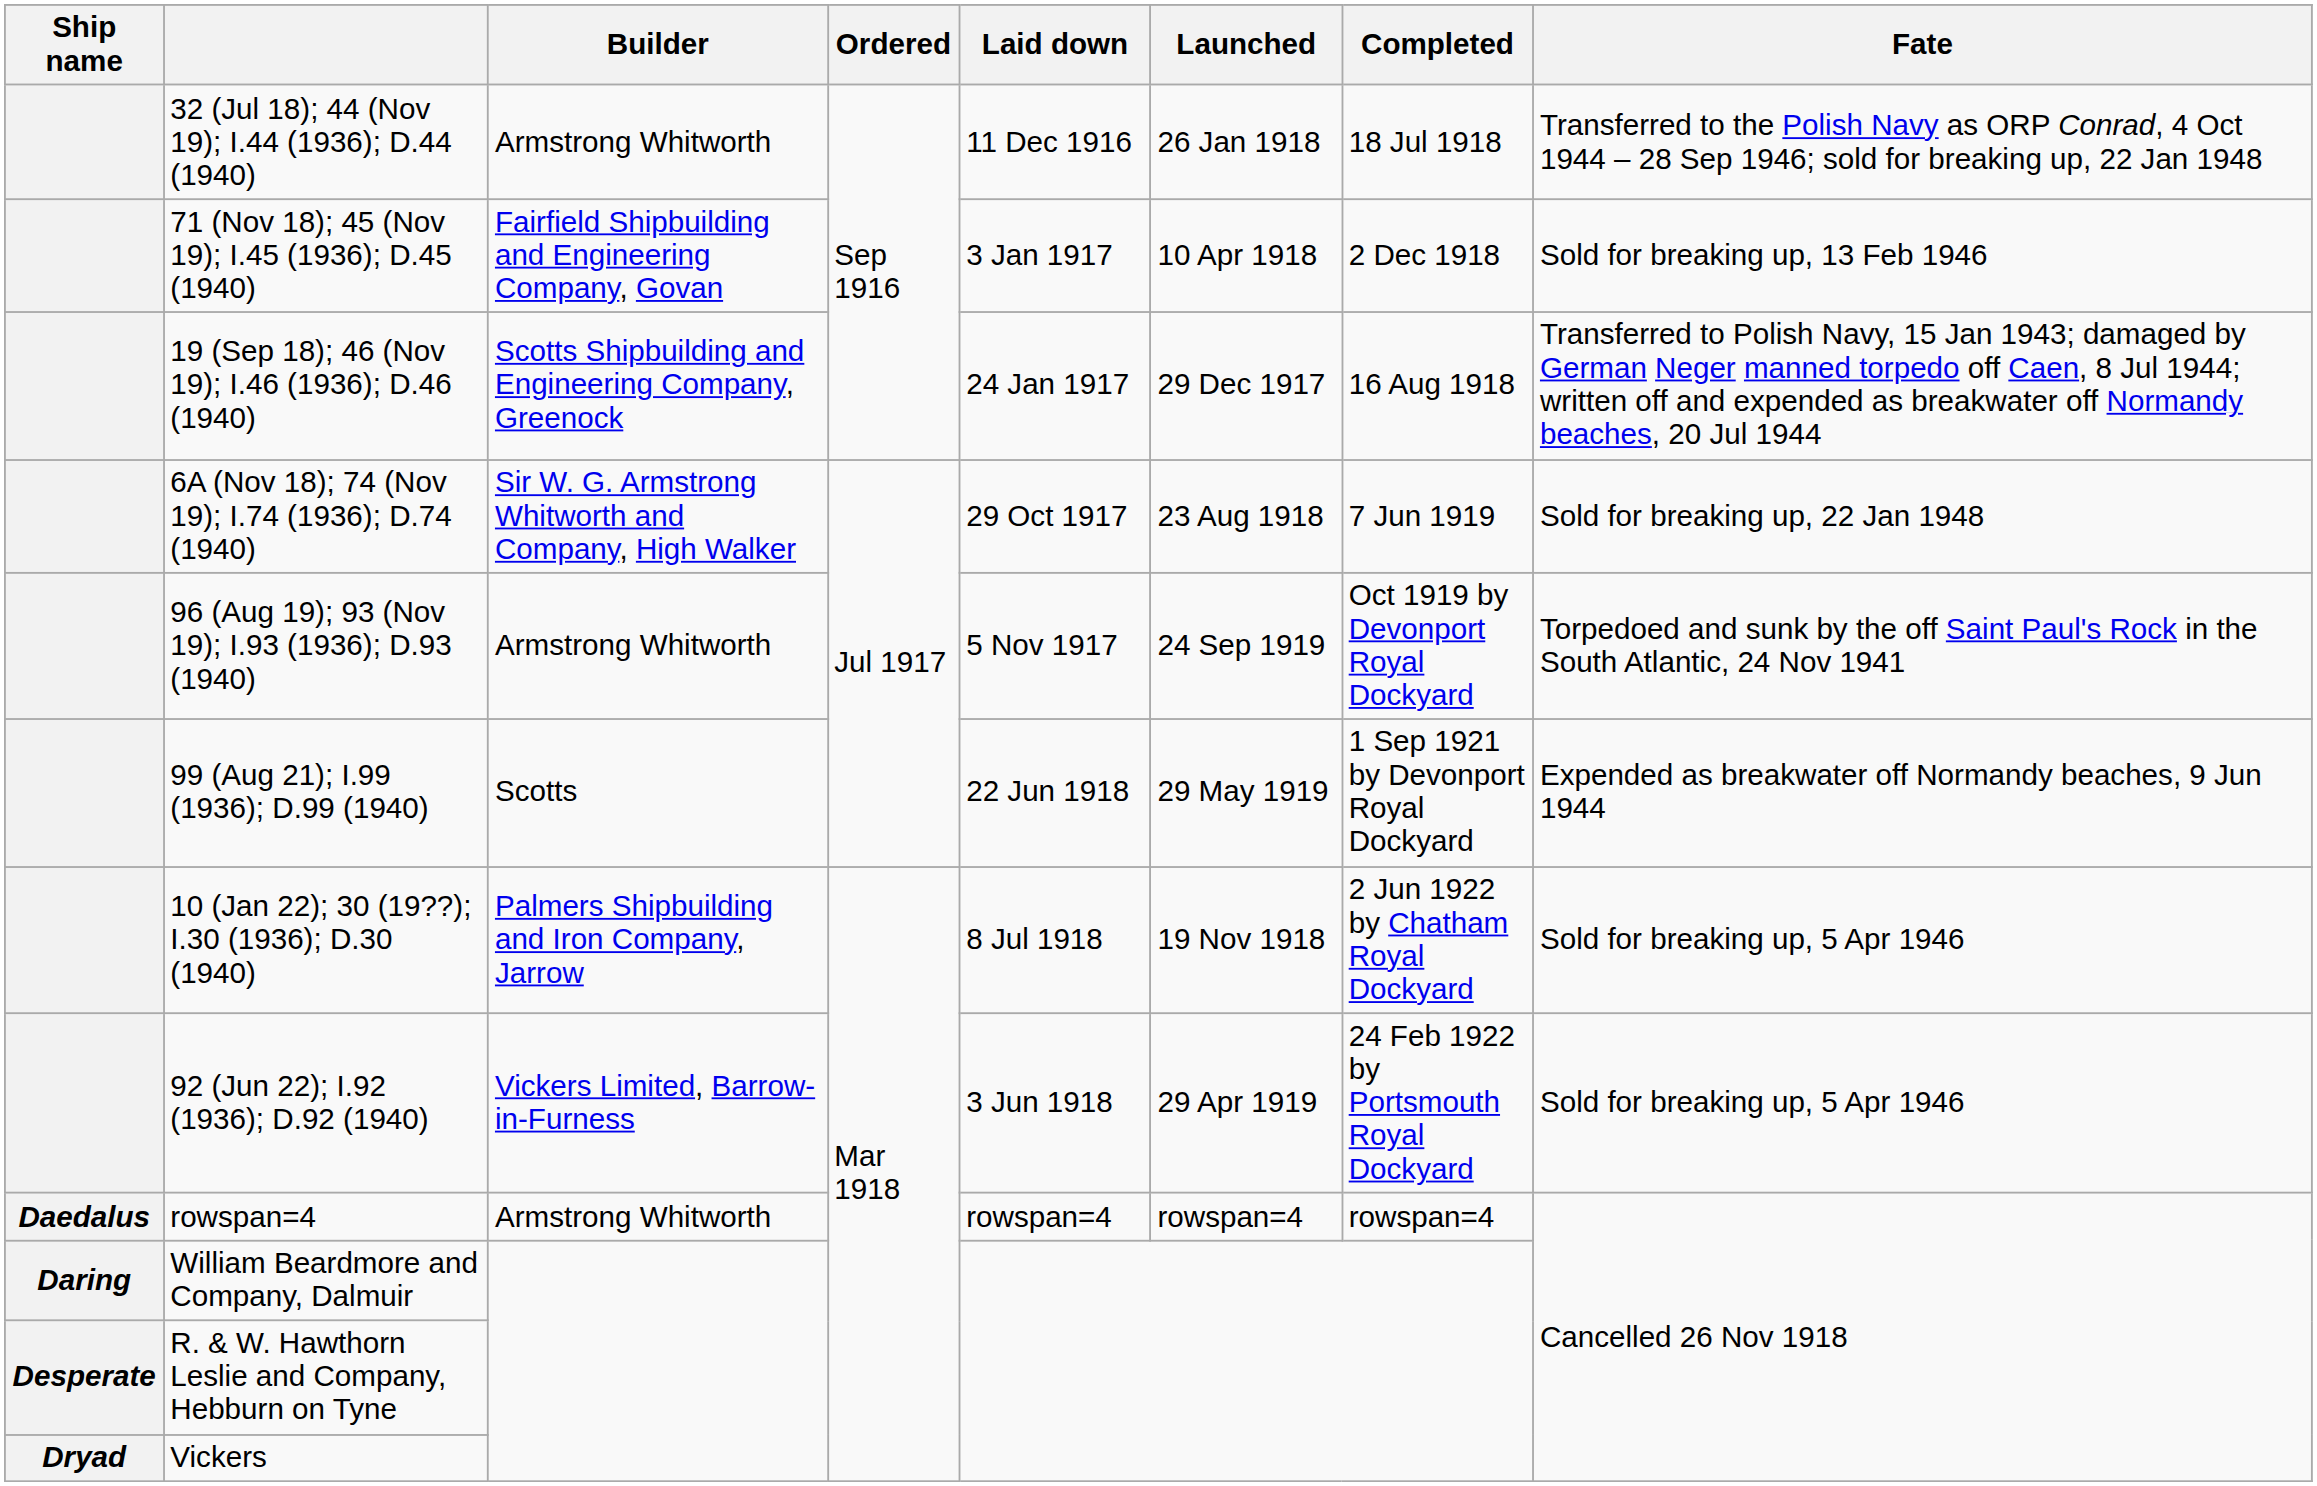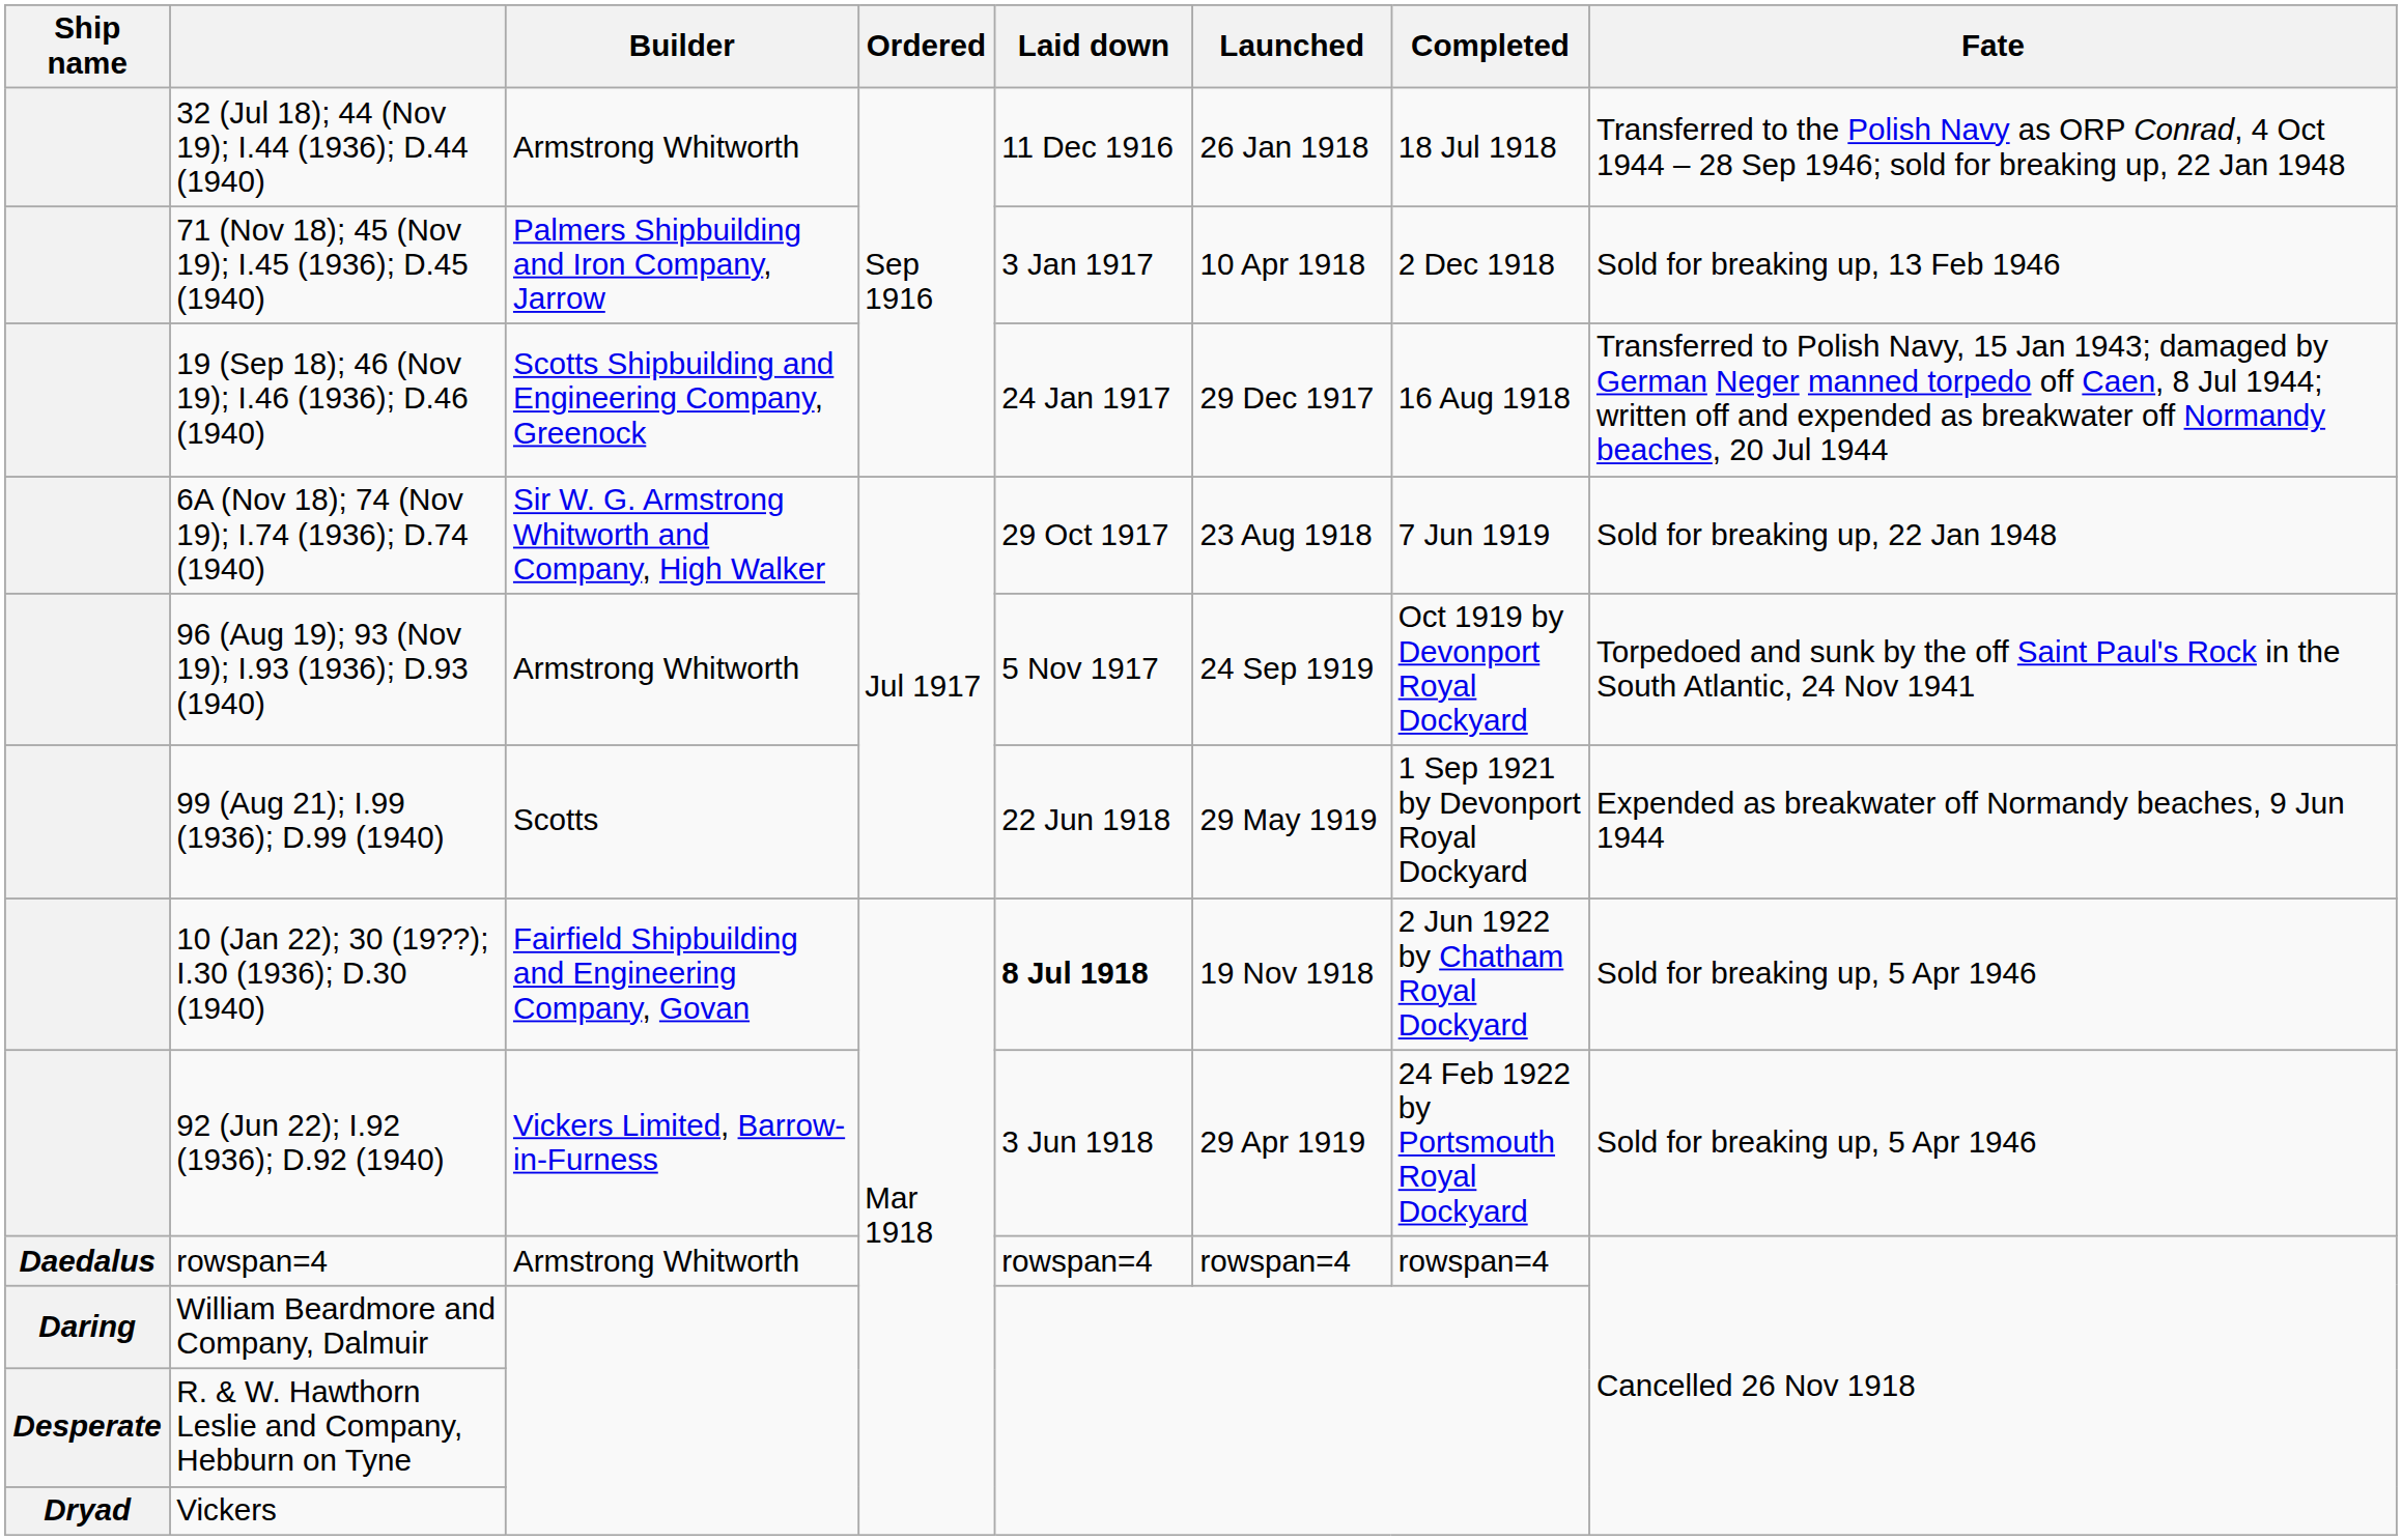 <table class="wikitable plainrowheaders">
 <tr>
 <th scope="col">Ship name</th>
 <th scope="col"></th>
 <th scope="col">Builder</th>
 <th scope="col">Ordered</th>
 <th scope="col" style="width: 6em;">Laid down</th>
 <th scope="col" style="width: 6em;">Launched</th>
 <th scope="col" style="width: 6em;">Completed</th>
 <th scope="col">Fate</th>
 </tr>
 <tr>
 <th scope="row"></th>
 <td>32 (Jul 18); 44 (Nov 19); I.44 (1936); D.44 (1940)</td>
 <td>Armstrong Whitworth</td>
 <td rowspan=3>Sep 1916</td>
 <td>11 Dec 1916</td>
 <td>26 Jan 1918</td>
 <td>18 Jul 1918</td>
 <td>Transferred to the <a href='#'>Polish Navy</a> as ORP <em>Conrad</em>, 4 Oct 1944 – 28 Sep 1946; sold for breaking up, 22 Jan 1948</td>
 </tr>
 <tr>
 <th scope="row"></th>
 <td>71 (Nov 18); 45 (Nov 19); I.45 (1936); D.45 (1940)</td>
-<td><a href='#'>Fairfield Shipbuilding and Engineering Company</a>, <a href='#'>Govan</a></td>
+<td><a href='#'>Palmers Shipbuilding and Iron Company</a>, <a href='#'>Jarrow</a></td>
 <td>3 Jan 1917</td>
 <td>10 Apr 1918</td>
 <td>2 Dec 1918</td>
 <td>Sold for breaking up, 13 Feb 1946</td>
 </tr>
 <tr>
 <th scope="row"></th>
 <td>19 (Sep 18); 46 (Nov 19); I.46 (1936); D.46 (1940)</td>
 <td><a href='#'>Scotts Shipbuilding and Engineering Company</a>, <a href='#'>Greenock</a></td>
 <td>24 Jan 1917</td>
 <td>29 Dec 1917</td>
 <td>16 Aug 1918</td>
 <td>Transferred to Polish Navy, 15 Jan 1943; damaged by <a href='#'>German</a> <a href='#'>Neger</a> <a href='#'>manned torpedo</a> off <a href='#'>Caen</a>, 8 Jul 1944; written off and expended as breakwater off <a href='#'>Normandy beaches</a>, 20 Jul 1944</td>
 </tr>
 <tr>
 <th scope="row"></th>
 <td>6A (Nov 18); 74 (Nov 19); I.74 (1936); D.74 (1940)</td>
 <td><a href='#'>Sir W. G. Armstrong Whitworth and Company</a>, <a href='#'>High Walker</a></td>
 <td rowspan=3>Jul 1917</td>
 <td>29 Oct 1917</td>
 <td>23 Aug 1918</td>
 <td>7 Jun 1919</td>
 <td>Sold for breaking up, 22 Jan 1948</td>
 </tr>
 <tr>
 <th scope="row"></th>
 <td>96 (Aug 19); 93 (Nov 19); I.93 (1936); D.93 (1940)</td>
 <td>Armstrong Whitworth</td>
 <td>5 Nov 1917</td>
 <td>24 Sep 1919</td>
 <td>Oct 1919 by <a href='#'>Devonport Royal Dockyard</a></td>
 <td>Torpedoed and sunk by the  off <a href='#'>Saint Paul's Rock</a> in the South Atlantic, 24 Nov 1941</td>
 </tr>
 <tr>
 <th scope="row"></th>
 <td>99 (Aug 21); I.99 (1936); D.99 (1940)</td>
 <td>Scotts</td>
 <td>22 Jun 1918</td>
 <td>29 May 1919</td>
 <td>1 Sep 1921 by Devonport Royal Dockyard</td>
 <td>Expended as breakwater off Normandy beaches, 9 Jun 1944</td>
 </tr>
 <tr>
 <th scope="row"></th>
 <td>10 (Jan 22); 30 (19??); I.30 (1936); D.30 (1940)</td>
-<td><a href='#'>Palmers Shipbuilding and Iron Company</a>, <a href='#'>Jarrow</a></td>
+<td><a href='#'>Fairfield Shipbuilding and Engineering Company</a>, <a href='#'>Govan</a></td>
 <td rowspan=6>Mar 1918</td>
-<td>8 Jul 1918</td>
+<td><strong>8 Jul 1918</strong></td>
 <td>19 Nov 1918</td>
 <td>2 Jun 1922 by <a href='#'>Chatham Royal Dockyard</a></td>
 <td>Sold for breaking up, 5 Apr 1946</td>
 </tr>
 <tr>
 <th scope="row"></th>
 <td>92 (Jun 22); I.92 (1936); D.92 (1940)</td>
 <td><a href='#'>Vickers Limited</a>, <a href='#'>Barrow-in-Furness</a></td>
 <td>3 Jun 1918</td>
 <td>29 Apr 1919</td>
 <td>24 Feb 1922 by <a href='#'>Portsmouth Royal Dockyard</a></td>
 <td>Sold for breaking up, 5 Apr 1946</td>
 </tr>
 <tr>
 <th scope="row"><em>Daedalus</em></th>
 <td>rowspan=4 </td>
 <td>Armstrong Whitworth</td>
 <td>rowspan=4 </td>
 <td>rowspan=4 </td>
 <td>rowspan=4 </td>
 <td rowspan=4>Cancelled 26 Nov 1918</td>
 </tr>
 <tr>
 <th scope="row"><em>Daring</em></th>
 <td>William Beardmore and Company, Dalmuir</td>
 </tr>
 <tr>
 <th scope="row"><em>Desperate</em></th>
 <td>R. & W. Hawthorn Leslie and Company, Hebburn on Tyne</td>
 </tr>
 <tr>
 <th scope="row"><em>Dryad</em></th>
 <td>Vickers</td>
 </tr>
 </table>
